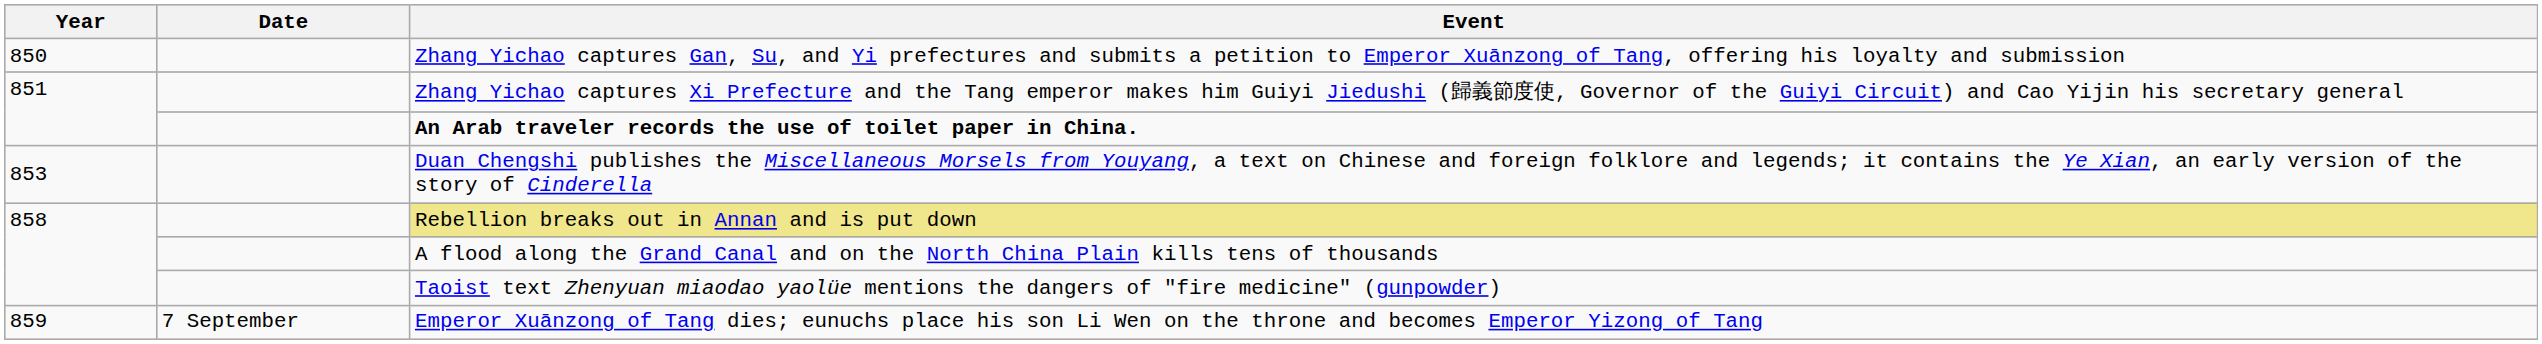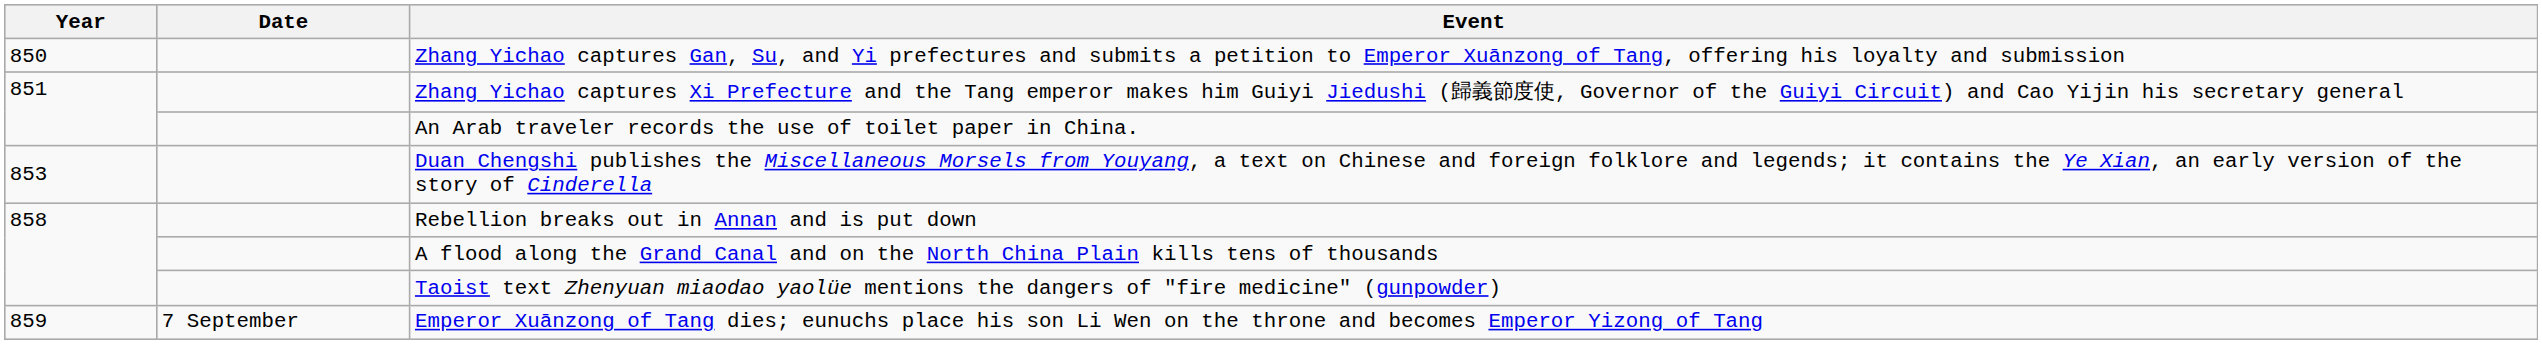 <table class="wikitable" width="100%">
 <tr>
 <th style="width:6%">Year</th>
 <th style="width:10%">Date</th>
 <th>Event</th>
 </tr>
 <tr>
 <td>850</td>
 <td></td>
 <td><a href='#'>Zhang Yichao</a> captures <a href='#'>Gan</a>, <a href='#'>Su</a>, and <a href='#'>Yi</a> prefectures and submits a petition to <a href='#'>Emperor Xuānzong of Tang</a>, offering his loyalty and submission</td>
 </tr>
 <tr>
 <td rowspan="2" valign="top">851</td>
 <td></td>
 <td><a href='#'>Zhang Yichao</a> captures <a href='#'>Xi Prefecture</a> and the Tang emperor makes him Guiyi <a href='#'>Jiedushi</a> (歸義節度使, Governor of the <a href='#'>Guiyi Circuit</a>) and Cao Yijin his secretary general</td>
 </tr>
 <tr>
 <td></td>
-<td><strong>An Arab traveler records the use of toilet paper in China.</strong></td>
+<td>An Arab traveler records the use of toilet paper in China.</td>
 </tr>
 <tr>
 <td>853</td>
 <td></td>
 <td><a href='#'>Duan Chengshi</a> publishes the <em><a href='#'>Miscellaneous Morsels from Youyang</a></em>, a text on Chinese and foreign folklore and legends; it contains the <em><a href='#'>Ye Xian</a></em>, an early version of the story of <em><a href='#'>Cinderella</a></em></td>
 </tr>
 <tr>
 <td rowspan="3" valign="top">858</td>
 <td></td>
-<td style="background: khaki;">Rebellion breaks out in <a href='#'>Annan</a> and is put down</td>
+<td>Rebellion breaks out in <a href='#'>Annan</a> and is put down</td>
 </tr>
 <tr>
 <td></td>
 <td>A flood along the <a href='#'>Grand Canal</a> and on the <a href='#'>North China Plain</a> kills tens of thousands</td>
 </tr>
 <tr>
 <td></td>
 <td><a href='#'>Taoist</a> text <em>Zhenyuan miaodao yaolüe</em> mentions the dangers of "fire medicine" (<a href='#'>gunpowder</a>)</td>
 </tr>
 <tr>
 <td>859</td>
 <td>7 September</td>
 <td><a href='#'>Emperor Xuānzong of Tang</a> dies; eunuchs place his son Li Wen on the throne and becomes <a href='#'>Emperor Yizong of Tang</a></td>
 </tr>
 </table>
